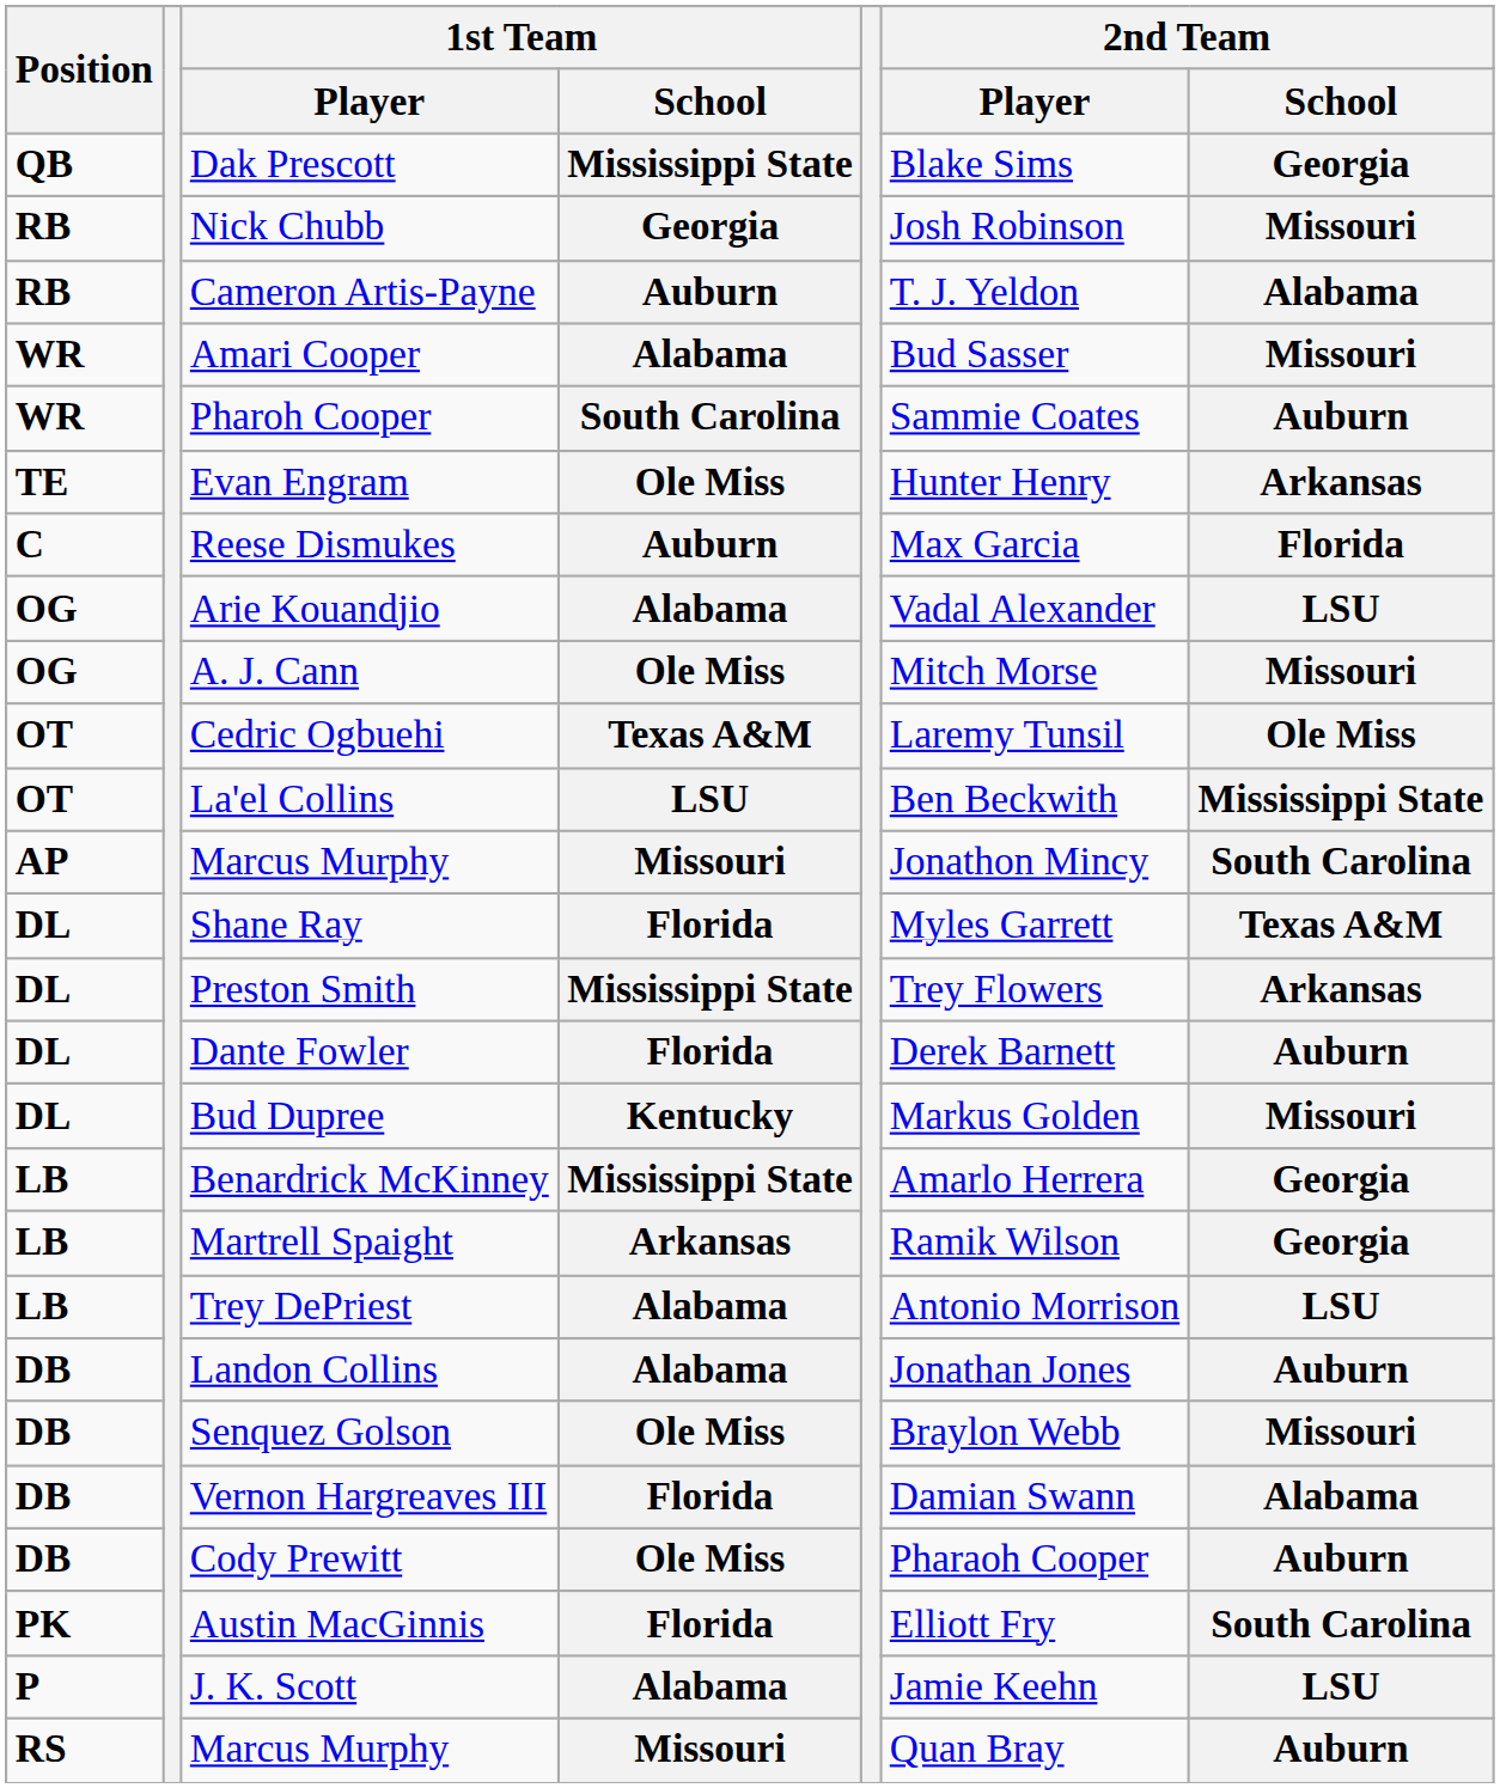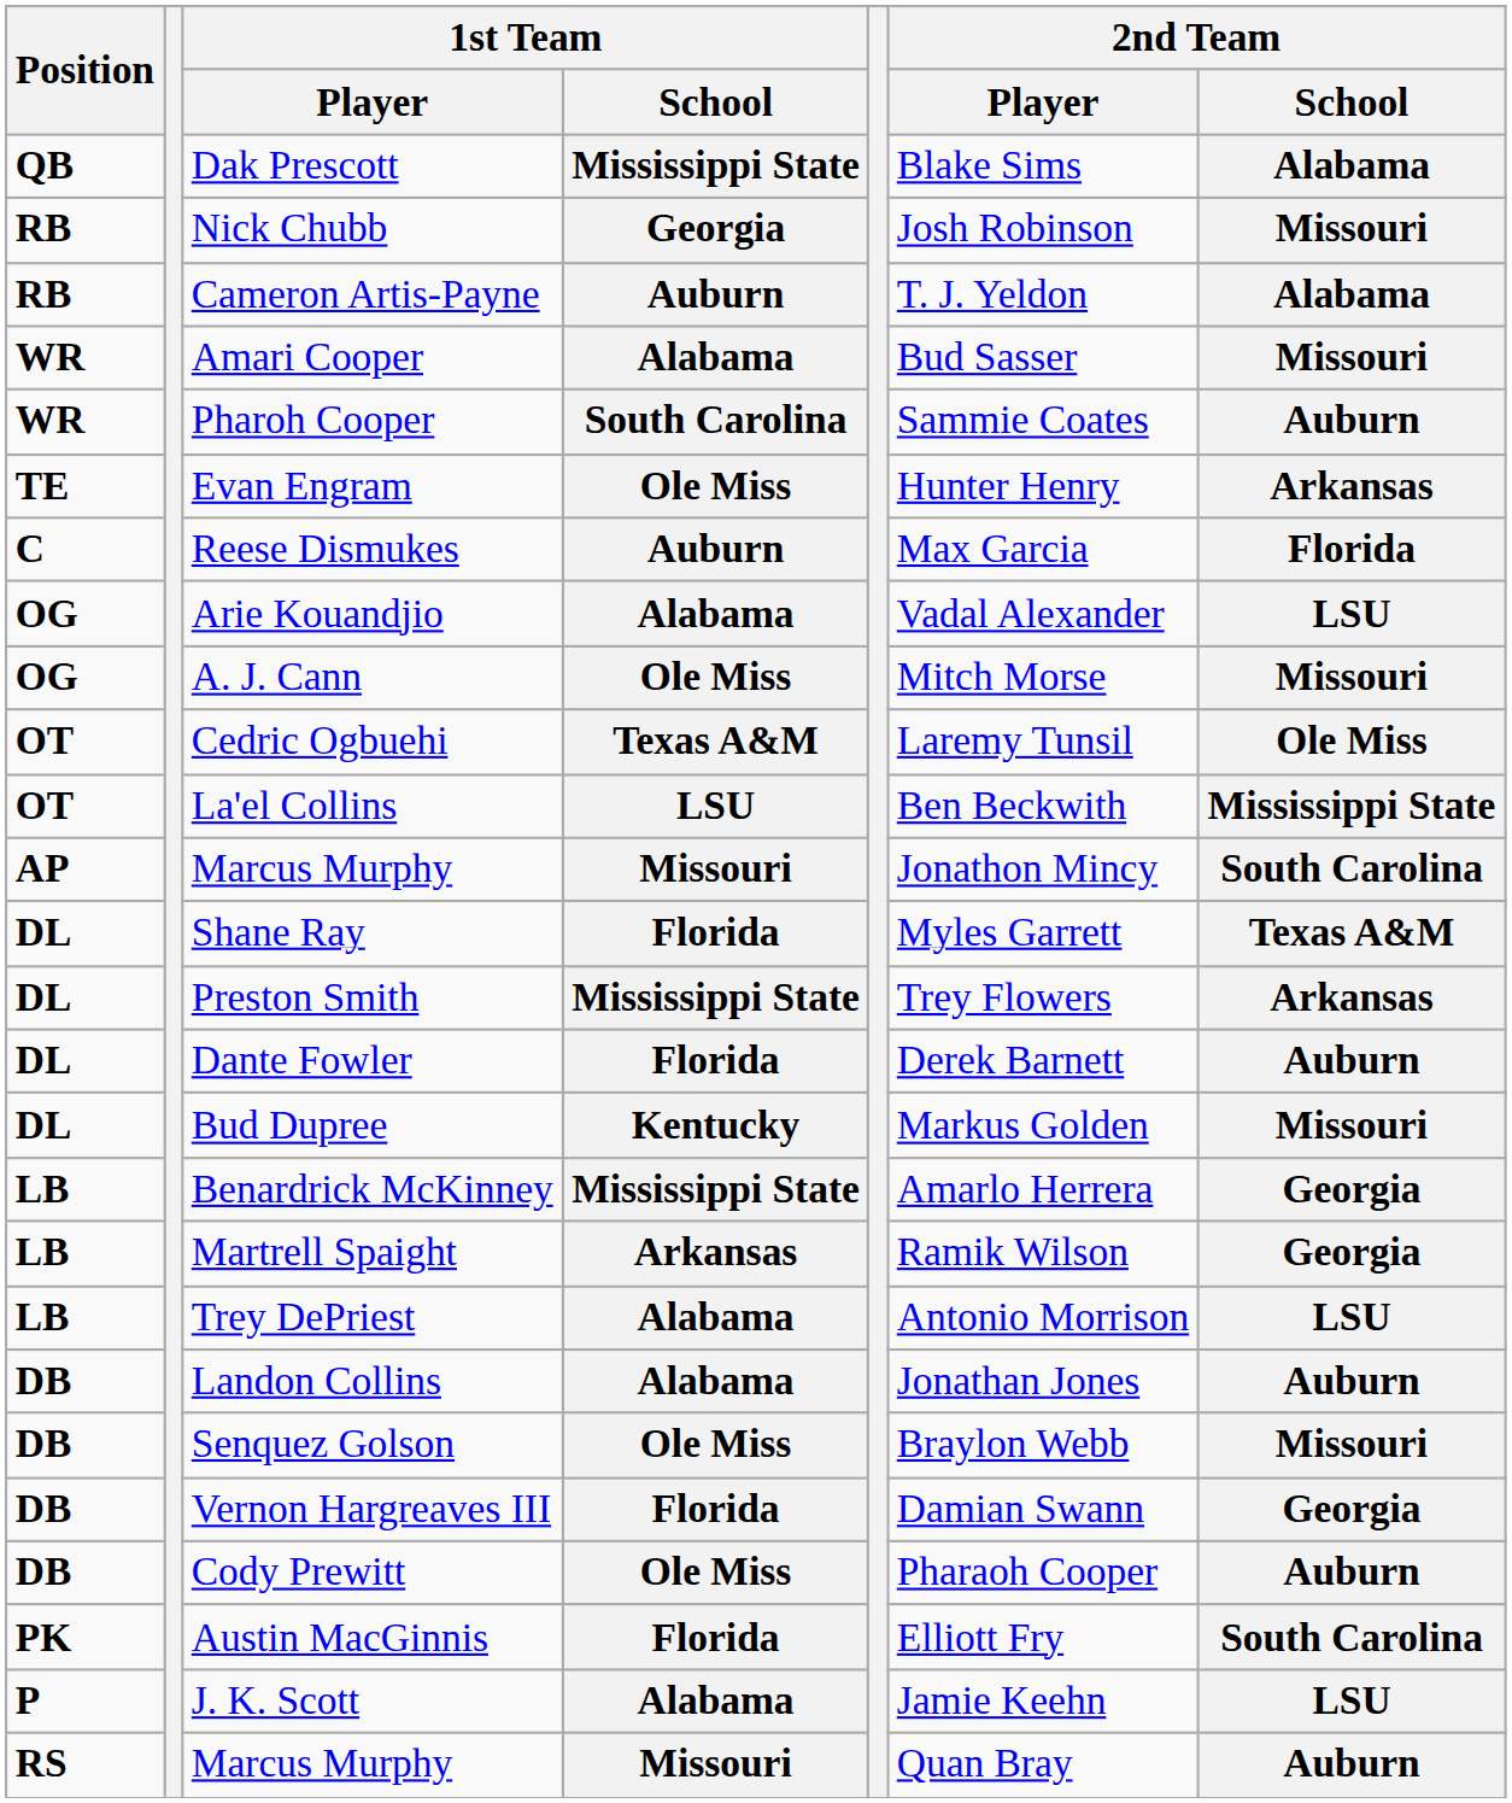 <table class="wikitable" border="1">
 <tr>
 <th rowspan="2">Position</th>
 <th rowspan="28"></th>
 <th colspan="2">1st Team</th>
 <th rowspan="28"></th>
 <th colspan="2">2nd Team</th>
 </tr>
 <tr>
 <th>Player</th>
 <th>School</th>
 <th>Player</th>
 <th>School</th>
 </tr>
 <tr>
 <td><strong>QB</strong></td>
 <td><a href='#'>Dak Prescott</a></td>
 <th style=>Mississippi State</th>
 <td><a href='#'>Blake Sims</a></td>
-<th>Georgia</th>
+<th style=>Alabama</th>
 </tr>
 <tr>
 <td><strong>RB</strong></td>
 <td><a href='#'>Nick Chubb</a></td>
 <th>Georgia</th>
 <td><a href='#'>Josh Robinson</a></td>
 <th>Missouri</th>
 </tr>
 <tr>
 <td><strong>RB</strong></td>
 <td><a href='#'>Cameron Artis-Payne</a></td>
 <th>Auburn</th>
 <td><a href='#'>T. J. Yeldon</a></td>
 <th>Alabama</th>
 </tr>
 <tr>
 <td><strong>WR</strong></td>
 <td><a href='#'>Amari Cooper</a></td>
 <th>Alabama</th>
 <td><a href='#'>Bud Sasser</a></td>
 <th>Missouri</th>
 </tr>
 <tr>
 <td><strong>WR</strong></td>
 <td><a href='#'>Pharoh Cooper</a></td>
 <th>South Carolina</th>
 <td><a href='#'>Sammie Coates</a></td>
 <th>Auburn</th>
 </tr>
 <tr>
 <td><strong>TE</strong></td>
 <td><a href='#'>Evan Engram</a></td>
 <th>Ole Miss</th>
 <td><a href='#'>Hunter Henry</a></td>
 <th>Arkansas</th>
 </tr>
 <tr>
 <td><strong>C</strong></td>
 <td><a href='#'>Reese Dismukes</a></td>
 <th>Auburn</th>
 <td><a href='#'>Max Garcia</a></td>
 <th>Florida</th>
 </tr>
 <tr>
 <td><strong>OG</strong></td>
 <td><a href='#'>Arie Kouandjio</a></td>
 <th>Alabama</th>
 <td><a href='#'>Vadal Alexander</a></td>
 <th>LSU</th>
 </tr>
 <tr>
 <td><strong>OG</strong></td>
 <td><a href='#'>A. J. Cann</a></td>
 <th>Ole Miss</th>
 <td><a href='#'>Mitch Morse</a></td>
 <th>Missouri</th>
 </tr>
 <tr>
 <td><strong>OT</strong></td>
 <td><a href='#'>Cedric Ogbuehi</a></td>
 <th>Texas A&M</th>
 <td><a href='#'>Laremy Tunsil</a></td>
 <th>Ole Miss</th>
 </tr>
 <tr>
 <td><strong>OT</strong></td>
 <td><a href='#'>La'el Collins</a></td>
 <th>LSU</th>
 <td><a href='#'>Ben Beckwith</a></td>
 <th>Mississippi State</th>
 </tr>
 <tr>
 <td><strong>AP</strong></td>
 <td><a href='#'>Marcus Murphy</a></td>
 <th>Missouri</th>
 <td><a href='#'>Jonathon Mincy</a></td>
 <th>South Carolina</th>
 </tr>
 <tr>
 <td><strong>DL</strong></td>
 <td><a href='#'>Shane Ray</a></td>
 <th>Florida</th>
 <td><a href='#'>Myles Garrett</a></td>
 <th>Texas A&M</th>
 </tr>
 <tr>
 <td><strong>DL</strong></td>
 <td><a href='#'>Preston Smith</a></td>
 <th>Mississippi State</th>
 <td><a href='#'>Trey Flowers</a></td>
 <th>Arkansas</th>
 </tr>
 <tr>
 <td><strong>DL</strong></td>
 <td><a href='#'>Dante Fowler</a></td>
 <th>Florida</th>
 <td><a href='#'>Derek Barnett</a></td>
 <th>Auburn</th>
 </tr>
 <tr>
 <td><strong>DL</strong></td>
 <td><a href='#'>Bud Dupree</a></td>
 <th>Kentucky</th>
 <td><a href='#'>Markus Golden</a></td>
 <th>Missouri</th>
 </tr>
 <tr>
 <td><strong>LB</strong></td>
 <td><a href='#'>Benardrick McKinney</a></td>
 <th>Mississippi State</th>
 <td><a href='#'>Amarlo Herrera</a></td>
 <th>Georgia</th>
 </tr>
 <tr>
 <td><strong>LB</strong></td>
 <td><a href='#'>Martrell Spaight</a></td>
 <th>Arkansas</th>
 <td><a href='#'>Ramik Wilson</a></td>
 <th>Georgia</th>
 </tr>
 <tr>
 <td><strong>LB</strong></td>
 <td><a href='#'>Trey DePriest</a></td>
 <th>Alabama</th>
 <td><a href='#'>Antonio Morrison</a></td>
 <th>LSU</th>
 </tr>
 <tr>
 <td><strong>DB</strong></td>
 <td><a href='#'>Landon Collins</a></td>
 <th>Alabama</th>
 <td><a href='#'>Jonathan Jones</a></td>
 <th>Auburn</th>
 </tr>
 <tr>
 <td><strong>DB</strong></td>
 <td><a href='#'>Senquez Golson</a></td>
 <th>Ole Miss</th>
 <td><a href='#'>Braylon Webb</a></td>
 <th>Missouri</th>
 </tr>
 <tr>
 <td><strong>DB</strong></td>
 <td><a href='#'>Vernon Hargreaves III</a></td>
 <th>Florida</th>
 <td><a href='#'>Damian Swann</a></td>
-<th style=>Alabama</th>
+<th>Georgia</th>
 </tr>
 <tr>
 <td><strong>DB</strong></td>
 <td><a href='#'>Cody Prewitt</a></td>
 <th>Ole Miss</th>
 <td><a href='#'>Pharaoh Cooper</a></td>
 <th>Auburn</th>
 </tr>
 <tr>
 <td><strong>PK</strong></td>
 <td><a href='#'>Austin MacGinnis</a></td>
 <th>Florida</th>
 <td><a href='#'>Elliott Fry</a></td>
 <th>South Carolina</th>
 </tr>
 <tr>
 <td><strong>P</strong></td>
 <td><a href='#'>J. K. Scott</a></td>
 <th>Alabama</th>
 <td><a href='#'>Jamie Keehn</a></td>
 <th>LSU</th>
 </tr>
 <tr>
 <td><strong>RS</strong></td>
 <td><a href='#'>Marcus Murphy</a></td>
 <th>Missouri</th>
 <td><a href='#'>Quan Bray</a></td>
 <th>Auburn</th>
 </tr>
 <tr>
 </tr>
 </table>
